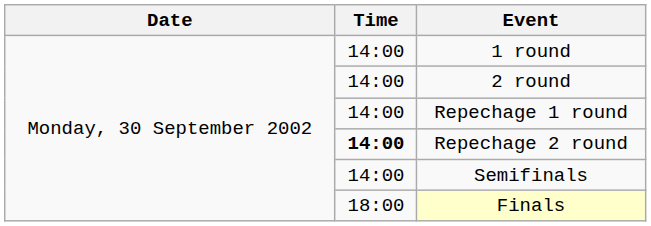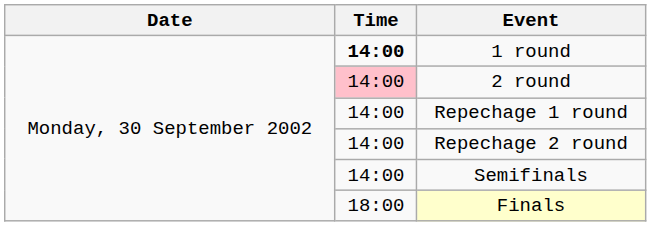 <table class = "wikitable" style="text-align:center;">
 <tr>
 <th width=220>Date</th>
 <th width=50>Time</th>
 <th width=150>Event</th>
 </tr>
 <tr>
 <td rowspan=6>Monday, 30 September 2002</td>
-<td>14:00</td>
+<td><strong>14:00</strong></td>
 <td>1 round</td>
 </tr>
 <tr>
-<td>14:00</td>
+<td style="background: pink;">14:00</td>
 <td>2 round</td>
 </tr>
 <tr>
 <td>14:00</td>
 <td>Repechage 1 round</td>
 </tr>
 <tr>
-<td><strong>14:00</strong></td>
+<td>14:00</td>
 <td>Repechage 2 round</td>
 </tr>
 <tr>
 <td>14:00</td>
 <td>Semifinals</td>
 </tr>
 <tr>
 <td>18:00</td>
 <td bgcolor=ffffcc>Finals</td>
 </tr>
 </table>
